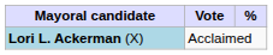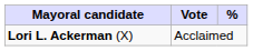 <table class="wikitable">
 <tr>
 <th style="background:#ddf;" width="200px">Mayoral candidate</th>
 <th style="background:#ddf;" width="50px">Vote</th>
 <th style="background:#ddf;" width="30px">%</th>
 </tr>
 <tr>
-<td style="background: lightblue;"><strong>Lori L. Ackerman</strong> (X)</td>
+<td><strong>Lori L. Ackerman</strong> (X)</td>
 <td colspan="2">Acclaimed</td>
 </tr>
 </table>
